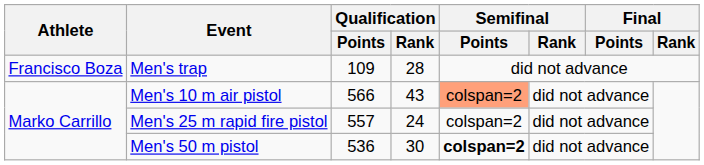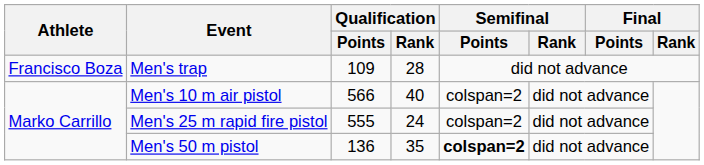 <table class="wikitable" style="font-size:90%">
 <tr>
 <th rowspan="2">Athlete</th>
 <th rowspan="2">Event</th>
 <th colspan=2>Qualification</th>
 <th colspan=2>Semifinal</th>
 <th colspan=2>Final</th>
 </tr>
 <tr style="font-size:95%">
 <th>Points</th>
 <th>Rank</th>
 <th>Points</th>
 <th>Rank</th>
 <th>Points</th>
 <th>Rank</th>
 </tr>
 <tr align=center>
 <td align=left><a href='#'>Francisco Boza</a></td>
 <td align=left><a href='#'>Men's trap</a></td>
 <td>109</td>
 <td>28</td>
 <td colspan=4>did not advance</td>
 </tr>
 <tr align=center>
 <td align=left rowspan=3><a href='#'>Marko Carrillo</a></td>
 <td align=left><a href='#'>Men's 10 m air pistol</a></td>
 <td>566</td>
-<td>43</td>
-<td style="background: lightsalmon;">colspan=2 </td>
+<td>40</td>
+<td>colspan=2 </td>
 <td colspan=2>did not advance</td>
 </tr>
 <tr align=center>
 <td align=left><a href='#'>Men's 25 m rapid fire pistol</a></td>
-<td>557</td>
+<td>555</td>
 <td>24</td>
 <td>colspan=2 </td>
 <td colspan=2>did not advance</td>
 </tr>
 <tr align=center>
 <td align=left><a href='#'>Men's 50 m pistol</a></td>
-<td>536</td>
-<td>30</td>
+<td>136</td>
+<td>35</td>
 <td><strong>colspan=2 </strong></td>
 <td colspan=2>did not advance</td>
 </tr>
 </table>
